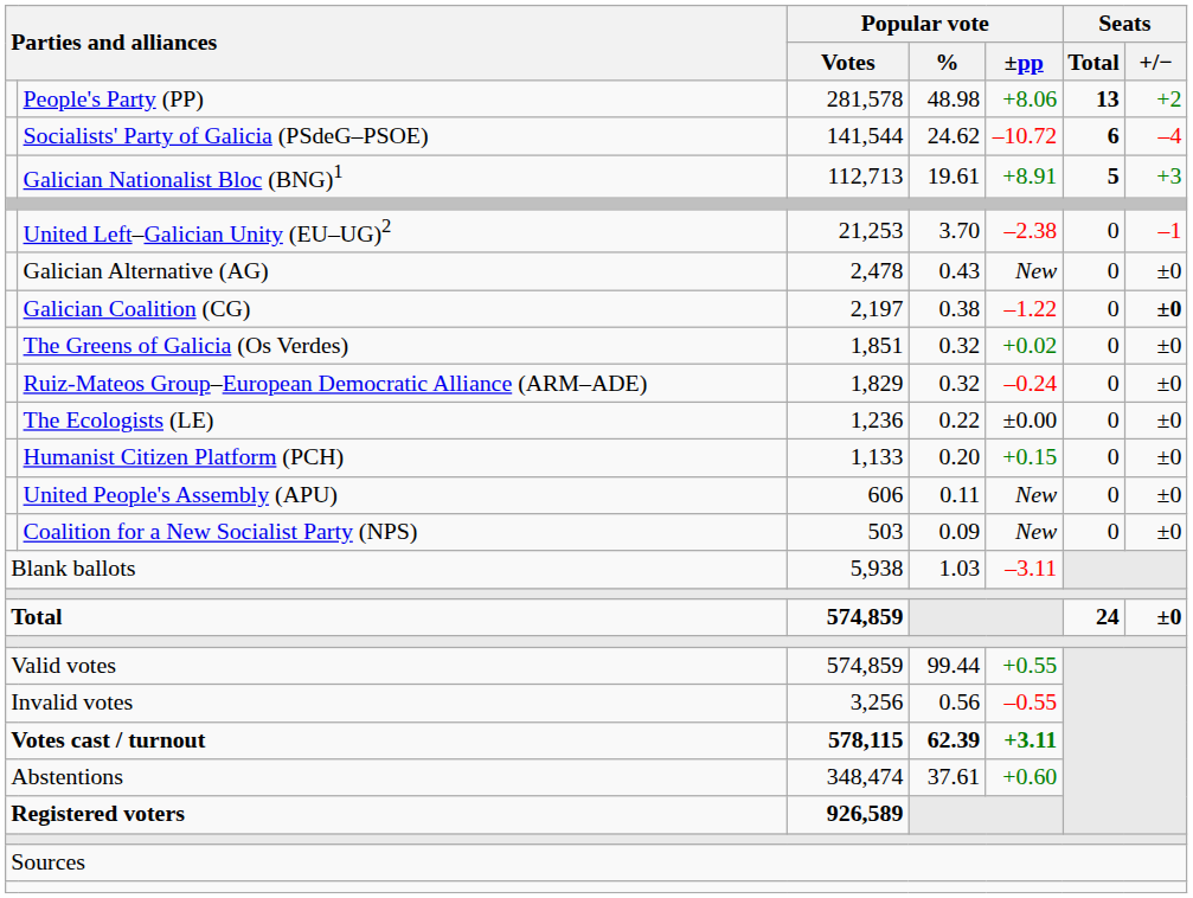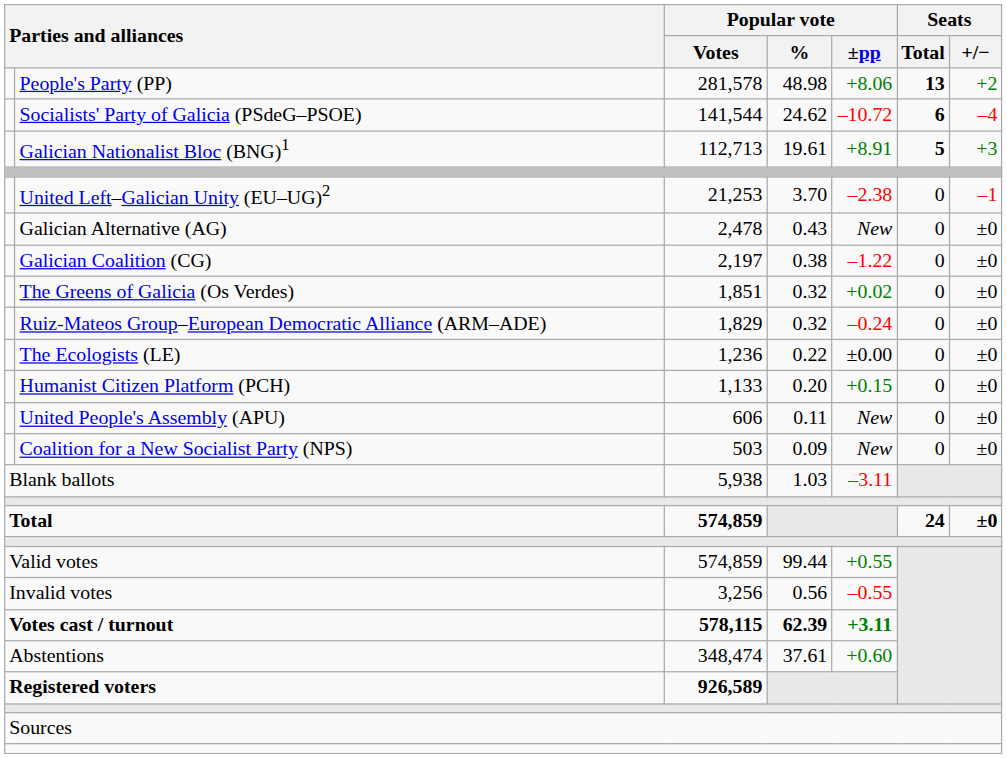 <table class="wikitable" style="text-align:right;">
 <tr>
 <th style="text-align:left;" rowspan="2" colspan="2" width="525">Parties and alliances</th>
 <th colspan="3">Popular vote</th>
 <th colspan="2">Seats</th>
 </tr>
 <tr>
 <th width="75">Votes</th>
 <th width="45">%</th>
 <th width="45">±<a href='#'>pp</a></th>
 <th width="35">Total</th>
 <th width="35">+/−</th>
 </tr>
 <tr>
 <td width="1" style="color:inherit;background:"></td>
 <td align="left"><a href='#'>People's Party</a> (PP)</td>
 <td>281,578</td>
 <td>48.98</td>
 <td style="color:green;">+8.06</td>
 <td><strong>13</strong></td>
 <td style="color:green;">+2</td>
 </tr>
 <tr>
 <td style="color:inherit;background:"></td>
 <td align="left"><a href='#'>Socialists' Party of Galicia</a> (PSdeG–PSOE)</td>
 <td>141,544</td>
 <td>24.62</td>
 <td style="color:red;">–10.72</td>
 <td><strong>6</strong></td>
 <td style="color:red;">–4</td>
 </tr>
 <tr>
 <td style="color:inherit;background:"></td>
 <td align="left"><a href='#'>Galician Nationalist Bloc</a> (BNG)<sup>1</sup></td>
 <td>112,713</td>
 <td>19.61</td>
 <td style="color:green;">+8.91</td>
 <td><strong>5</strong></td>
 <td style="color:green;">+3</td>
 </tr>
 <tr>
 <td colspan="7" bgcolor="#C0C0C0"></td>
 </tr>
 <tr>
 <td style="color:inherit;background:"></td>
 <td align="left"><a href='#'>United Left</a>–<a href='#'>Galician Unity</a> (EU–UG)<sup>2</sup></td>
 <td>21,253</td>
 <td>3.70</td>
 <td style="color:red;">–2.38</td>
 <td>0</td>
 <td style="color:red;">–1</td>
 </tr>
 <tr>
 <td style="color:inherit;background:"></td>
 <td align="left">Galician Alternative (AG)</td>
 <td>2,478</td>
 <td>0.43</td>
 <td><em>New</em></td>
 <td>0</td>
 <td>±0</td>
 </tr>
 <tr>
 <td style="color:inherit;background:"></td>
 <td align="left"><a href='#'>Galician Coalition</a> (CG)</td>
 <td>2,197</td>
 <td>0.38</td>
 <td style="color:red;">–1.22</td>
 <td>0</td>
-<td><strong>±0</strong></td>
+<td>±0</td>
 </tr>
 <tr>
 <td style="color:inherit;background:"></td>
 <td align="left"><a href='#'>The Greens of Galicia</a> (Os Verdes)</td>
 <td>1,851</td>
 <td>0.32</td>
 <td style="color:green;">+0.02</td>
 <td>0</td>
 <td>±0</td>
 </tr>
 <tr>
 <td style="color:inherit;background:"></td>
 <td align="left"><a href='#'>Ruiz-Mateos Group</a>–<a href='#'>European Democratic Alliance</a> (ARM–ADE)</td>
 <td>1,829</td>
 <td>0.32</td>
 <td style="color:red;">–0.24</td>
 <td>0</td>
 <td>±0</td>
 </tr>
 <tr>
 <td style="color:inherit;background:"></td>
 <td align="left"><a href='#'>The Ecologists</a> (LE)</td>
 <td>1,236</td>
 <td>0.22</td>
 <td>±0.00</td>
 <td>0</td>
 <td>±0</td>
 </tr>
 <tr>
 <td style="color:inherit;background:"></td>
 <td align="left"><a href='#'>Humanist Citizen Platform</a> (PCH)</td>
 <td>1,133</td>
 <td>0.20</td>
 <td style="color:green;">+0.15</td>
 <td>0</td>
 <td>±0</td>
 </tr>
 <tr>
 <td style="color:inherit;background:"></td>
 <td align="left"><a href='#'>United People's Assembly</a> (APU)</td>
 <td>606</td>
 <td>0.11</td>
 <td><em>New</em></td>
 <td>0</td>
 <td>±0</td>
 </tr>
 <tr>
 <td style="color:inherit;background:"></td>
 <td align="left"><a href='#'>Coalition for a New Socialist Party</a> (NPS)</td>
 <td>503</td>
 <td>0.09</td>
 <td><em>New</em></td>
 <td>0</td>
 <td>±0</td>
 </tr>
 <tr>
 <td align="left" colspan="2">Blank ballots</td>
 <td>5,938</td>
 <td>1.03</td>
 <td style="color:red;">–3.11</td>
 <td bgcolor="#E9E9E9" colspan="2"></td>
 </tr>
 <tr>
 <td colspan="7" bgcolor="#E9E9E9"></td>
 </tr>
 <tr style="font-weight:bold;">
 <td align="left" colspan="2">Total</td>
 <td>574,859</td>
 <td bgcolor="#E9E9E9" colspan="2"></td>
 <td>24</td>
 <td>±0</td>
 </tr>
 <tr>
 <td colspan="7" bgcolor="#E9E9E9"></td>
 </tr>
 <tr>
 <td align="left" colspan="2">Valid votes</td>
 <td>574,859</td>
 <td>99.44</td>
 <td style="color:green;">+0.55</td>
 <td bgcolor="#E9E9E9" colspan="7" rowspan="5"></td>
 </tr>
 <tr>
 <td align="left" colspan="2">Invalid votes</td>
 <td>3,256</td>
 <td>0.56</td>
 <td style="color:red;">–0.55</td>
 </tr>
 <tr style="font-weight:bold;">
 <td align="left" colspan="2">Votes cast / turnout</td>
 <td>578,115</td>
 <td>62.39</td>
 <td style="color:green;">+3.11</td>
 </tr>
 <tr>
 <td align="left" colspan="2">Abstentions</td>
 <td>348,474</td>
 <td>37.61</td>
 <td style="color:green;">+0.60</td>
 </tr>
 <tr style="font-weight:bold;">
 <td align="left" colspan="2">Registered voters</td>
 <td>926,589</td>
 <td bgcolor="#E9E9E9" colspan="2"></td>
 </tr>
 <tr>
 <td colspan="7" bgcolor="#E9E9E9"></td>
 </tr>
 <tr>
 <td align="left" colspan="7">Sources</td>
 </tr>
 <tr>
 <td colspan="7" style="text-align:left; max-width:790px;"></td>
 </tr>
 </table>
